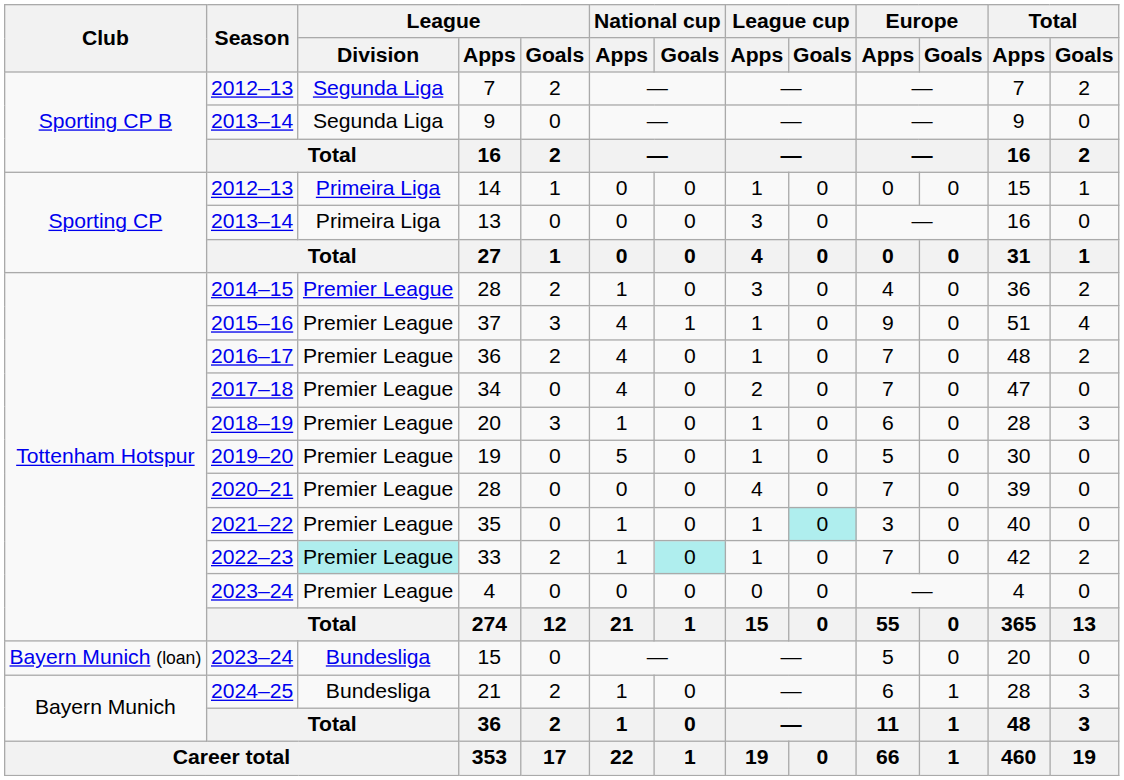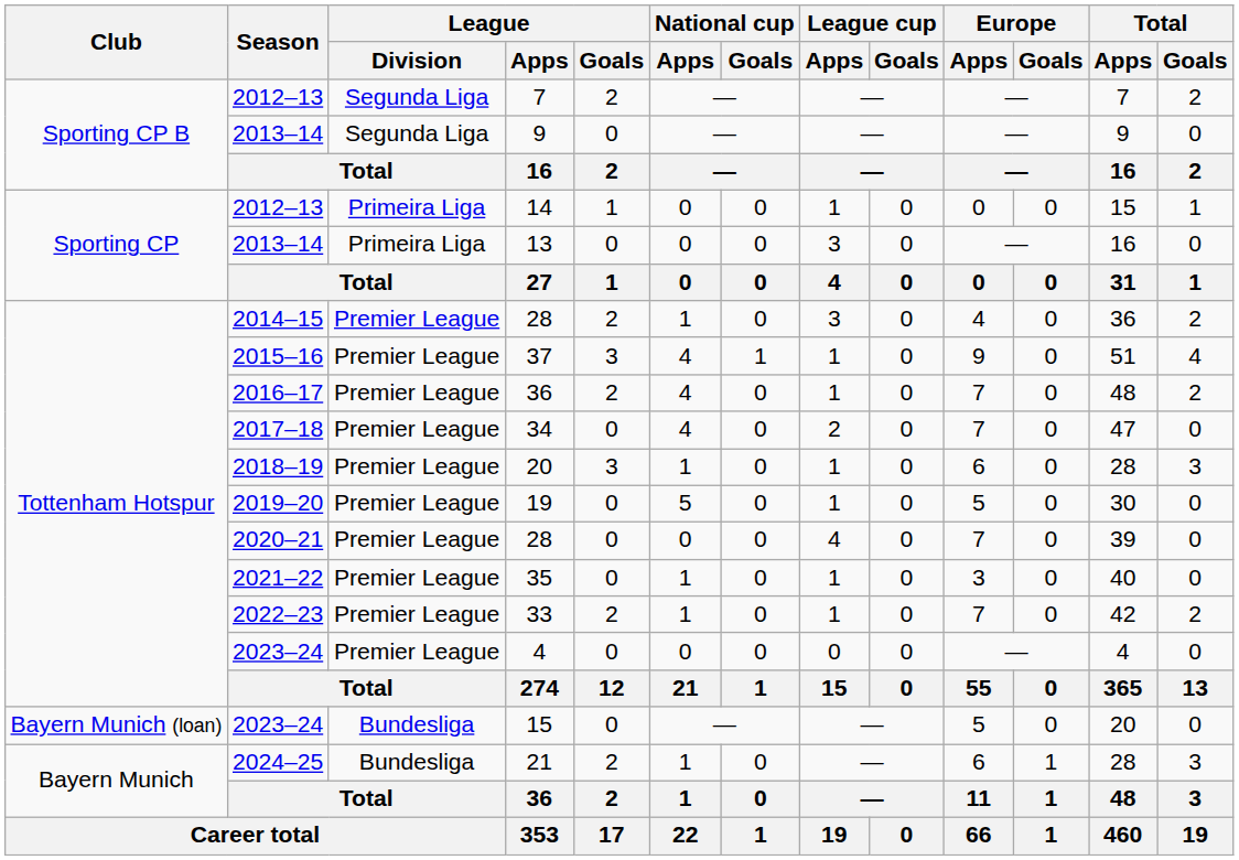 <table class="wikitable" style="text-align: center;">
 <tr>
 <th rowspan="2">Club</th>
 <th rowspan="2">Season</th>
 <th colspan="3">League</th>
 <th colspan="2">National cup</th>
 <th colspan="2">League cup</th>
 <th colspan="2">Europe</th>
 <th colspan="2">Total</th>
 </tr>
 <tr>
 <th>Division</th>
 <th>Apps</th>
 <th>Goals</th>
 <th>Apps</th>
 <th>Goals</th>
 <th>Apps</th>
 <th>Goals</th>
 <th>Apps</th>
 <th>Goals</th>
 <th>Apps</th>
 <th>Goals</th>
 </tr>
 <tr>
 <td rowspan="3"><a href='#'>Sporting CP B</a></td>
 <td><a href='#'>2012–13</a></td>
 <td><a href='#'>Segunda Liga</a></td>
 <td>7</td>
 <td>2</td>
 <td colspan="2">—</td>
 <td colspan="2">—</td>
 <td colspan="2">—</td>
 <td>7</td>
 <td>2</td>
 </tr>
 <tr>
 <td><a href='#'>2013–14</a></td>
 <td>Segunda Liga</td>
 <td>9</td>
 <td>0</td>
 <td colspan="2">—</td>
 <td colspan="2">—</td>
 <td colspan="2">—</td>
 <td>9</td>
 <td>0</td>
 </tr>
 <tr>
 <th colspan="2">Total</th>
 <th>16</th>
 <th>2</th>
 <th colspan="2">—</th>
 <th colspan="2">—</th>
 <th colspan="2">—</th>
 <th>16</th>
 <th>2</th>
 </tr>
 <tr>
 <td rowspan="3"><a href='#'>Sporting CP</a></td>
 <td><a href='#'>2012–13</a></td>
 <td><a href='#'>Primeira Liga</a></td>
 <td>14</td>
 <td>1</td>
 <td>0</td>
 <td>0</td>
 <td>1</td>
 <td>0</td>
 <td>0</td>
 <td>0</td>
 <td>15</td>
 <td>1</td>
 </tr>
 <tr>
 <td><a href='#'>2013–14</a></td>
 <td>Primeira Liga</td>
 <td>13</td>
 <td>0</td>
 <td>0</td>
 <td>0</td>
 <td>3</td>
 <td>0</td>
 <td colspan="2">—</td>
 <td>16</td>
 <td>0</td>
 </tr>
 <tr>
 <th colspan="2">Total</th>
 <th>27</th>
 <th>1</th>
 <th>0</th>
 <th>0</th>
 <th>4</th>
 <th>0</th>
 <th>0</th>
 <th>0</th>
 <th>31</th>
 <th>1</th>
 </tr>
 <tr>
 <td rowspan="11"><a href='#'>Tottenham Hotspur</a></td>
 <td><a href='#'>2014–15</a></td>
 <td><a href='#'>Premier League</a></td>
 <td>28</td>
 <td>2</td>
 <td>1</td>
 <td>0</td>
 <td>3</td>
 <td>0</td>
 <td>4</td>
 <td>0</td>
 <td>36</td>
 <td>2</td>
 </tr>
 <tr>
 <td><a href='#'>2015–16</a></td>
 <td>Premier League</td>
 <td>37</td>
 <td>3</td>
 <td>4</td>
 <td>1</td>
 <td>1</td>
 <td>0</td>
 <td>9</td>
 <td>0</td>
 <td>51</td>
 <td>4</td>
 </tr>
 <tr>
 <td><a href='#'>2016–17</a></td>
 <td>Premier League</td>
 <td>36</td>
 <td>2</td>
 <td>4</td>
 <td>0</td>
 <td>1</td>
 <td>0</td>
 <td>7</td>
 <td>0</td>
 <td>48</td>
 <td>2</td>
 </tr>
 <tr>
 <td><a href='#'>2017–18</a></td>
 <td>Premier League</td>
 <td>34</td>
 <td>0</td>
 <td>4</td>
 <td>0</td>
 <td>2</td>
 <td>0</td>
 <td>7</td>
 <td>0</td>
 <td>47</td>
 <td>0</td>
 </tr>
 <tr>
 <td><a href='#'>2018–19</a></td>
 <td>Premier League</td>
 <td>20</td>
 <td>3</td>
 <td>1</td>
 <td>0</td>
 <td>1</td>
 <td>0</td>
 <td>6</td>
 <td>0</td>
 <td>28</td>
 <td>3</td>
 </tr>
 <tr>
 <td><a href='#'>2019–20</a></td>
 <td>Premier League</td>
 <td>19</td>
 <td>0</td>
 <td>5</td>
 <td>0</td>
 <td>1</td>
 <td>0</td>
 <td>5</td>
 <td>0</td>
 <td>30</td>
 <td>0</td>
 </tr>
 <tr>
 <td><a href='#'>2020–21</a></td>
 <td>Premier League</td>
 <td>28</td>
 <td>0</td>
 <td>0</td>
 <td>0</td>
 <td>4</td>
 <td>0</td>
 <td>7</td>
 <td>0</td>
 <td>39</td>
 <td>0</td>
 </tr>
 <tr>
 <td><a href='#'>2021–22</a></td>
 <td>Premier League</td>
 <td>35</td>
 <td>0</td>
 <td>1</td>
 <td>0</td>
 <td>1</td>
-<td style="background: paleturquoise;">0</td>
+<td>0</td>
 <td>3</td>
 <td>0</td>
 <td>40</td>
 <td>0</td>
 </tr>
 <tr>
 <td><a href='#'>2022–23</a></td>
-<td style="background: paleturquoise;">Premier League</td>
+<td>Premier League</td>
 <td>33</td>
 <td>2</td>
 <td>1</td>
-<td style="background: paleturquoise;">0</td>
+<td>0</td>
 <td>1</td>
 <td>0</td>
 <td>7</td>
 <td>0</td>
 <td>42</td>
 <td>2</td>
 </tr>
 <tr>
 <td><a href='#'>2023–24</a></td>
 <td>Premier League</td>
 <td>4</td>
 <td>0</td>
 <td>0</td>
 <td>0</td>
 <td>0</td>
 <td>0</td>
 <td colspan="2">—</td>
 <td>4</td>
 <td>0</td>
 </tr>
 <tr>
 <th colspan="2">Total</th>
 <th>274</th>
 <th>12</th>
 <th>21</th>
 <th>1</th>
 <th>15</th>
 <th>0</th>
 <th>55</th>
 <th>0</th>
 <th>365</th>
 <th>13</th>
 </tr>
 <tr>
 <td><a href='#'>Bayern Munich</a> <small>(loan)</small></td>
 <td><a href='#'>2023–24</a></td>
 <td><a href='#'>Bundesliga</a></td>
 <td>15</td>
 <td>0</td>
 <td colspan="2">—</td>
 <td colspan="2">—</td>
 <td>5</td>
 <td>0</td>
 <td>20</td>
 <td>0</td>
 </tr>
 <tr>
 <td rowspan="2">Bayern Munich</td>
 <td><a href='#'>2024–25</a></td>
 <td>Bundesliga</td>
 <td>21</td>
 <td>2</td>
 <td>1</td>
 <td>0</td>
 <td colspan="2">—</td>
 <td>6</td>
 <td>1</td>
 <td>28</td>
 <td>3</td>
 </tr>
 <tr>
 <th colspan="2">Total</th>
 <th>36</th>
 <th>2</th>
 <th>1</th>
 <th>0</th>
 <th colspan="2">—</th>
 <th>11</th>
 <th>1</th>
 <th>48</th>
 <th>3</th>
 </tr>
 <tr>
 <th colspan="3">Career total</th>
 <th>353</th>
 <th>17</th>
 <th>22</th>
 <th>1</th>
 <th>19</th>
 <th>0</th>
 <th>66</th>
 <th>1</th>
 <th>460</th>
 <th>19</th>
 </tr>
 </table>
